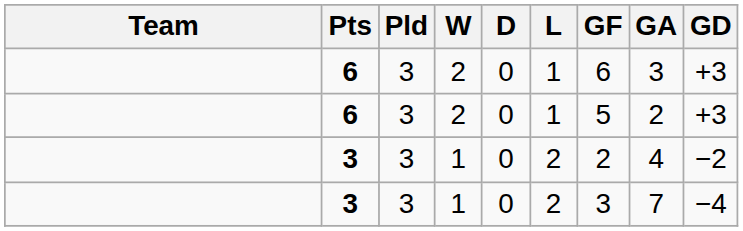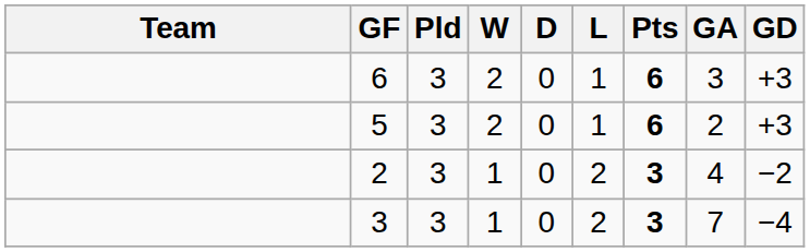 <table class="wikitable" style="text-align:center;">
 <tr>
 <th width=175>Team</th>
-<th width=20 abbr="Points">Pts</th>
+<th width=20 abbr="Goals for">GF</th>
 <th width=20 abbr="Played">Pld</th>
 <th width=20 abbr="Won">W</th>
 <th width=20 abbr="Drawn">D</th>
 <th width=20 abbr="Lost">L</th>
-<th width=20 abbr="Goals for">GF</th>
+<th width=20 abbr="Points">Pts</th>
 <th width=20 abbr="Goals against">GA</th>
 <th width=20 abbr="Goal difference">GD</th>
 </tr>
 <tr>
 <td style="text-align:left;"></td>
-<td><strong>6</strong></td>
+<td>6</td>
 <td>3</td>
 <td>2</td>
 <td>0</td>
 <td>1</td>
-<td>6</td>
+<td><strong>6</strong></td>
 <td>3</td>
 <td>+3</td>
 </tr>
 <tr>
 <td style="text-align:left;"></td>
-<td><strong>6</strong></td>
+<td>5</td>
 <td>3</td>
 <td>2</td>
 <td>0</td>
 <td>1</td>
-<td>5</td>
+<td><strong>6</strong></td>
 <td>2</td>
 <td>+3</td>
 </tr>
 <tr>
 <td style="text-align:left;"></td>
-<td><strong>3</strong></td>
+<td>2</td>
 <td>3</td>
 <td>1</td>
 <td>0</td>
 <td>2</td>
-<td>2</td>
+<td><strong>3</strong></td>
 <td>4</td>
 <td>−2</td>
 </tr>
 <tr>
 <td style="text-align:left;"></td>
-<td><strong>3</strong></td>
+<td>3</td>
 <td>3</td>
 <td>1</td>
 <td>0</td>
 <td>2</td>
-<td>3</td>
+<td><strong>3</strong></td>
 <td>7</td>
 <td>−4</td>
 </tr>
 </table>
